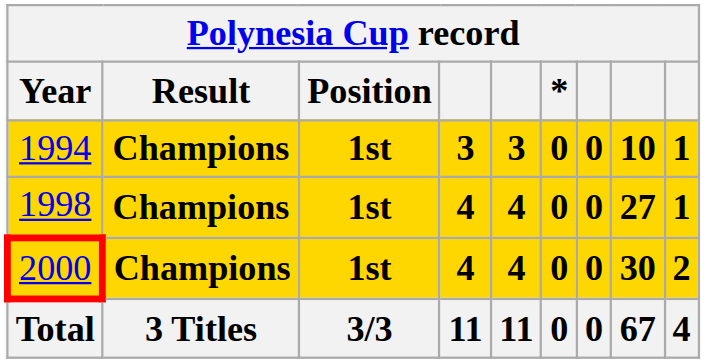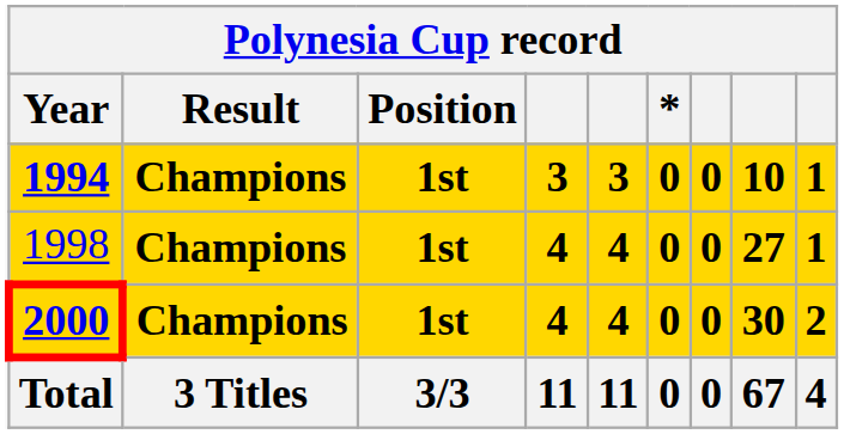 <table class="wikitable" style="text-align: center;">
 <tr>
 <th colspan=10><a href='#'>Polynesia Cup</a> record</th>
 </tr>
 <tr>
 <th>Year</th>
 <th>Result</th>
 <th>Position</th>
 <th></th>
 <th></th>
 <th>*</th>
 <th></th>
 <th></th>
 <th></th>
 </tr>
 <tr bgcolor=gold>
-<td> <a href='#'>1994</a></td>
+<td><strong> <a href='#'>1994</a></strong></td>
 <td><strong>Champions</strong></td>
 <td><strong>1st</strong></td>
 <td><strong>3</strong></td>
 <td><strong>3</strong></td>
 <td><strong>0</strong></td>
 <td><strong>0</strong></td>
 <td><strong>10</strong></td>
 <td><strong>1</strong></td>
 </tr>
 <tr bgcolor=gold>
 <td> <a href='#'>1998</a></td>
 <td><strong>Champions</strong></td>
 <td><strong>1st</strong></td>
 <td><strong>4</strong></td>
 <td><strong>4</strong></td>
 <td><strong>0</strong></td>
 <td><strong>0</strong></td>
 <td><strong>27</strong></td>
 <td><strong>1</strong></td>
 </tr>
 <tr bgcolor=gold>
-<td style="border: 3px solid red"> <a href='#'>2000</a></td>
+<td style="border: 3px solid red"><strong> <a href='#'>2000</a></strong></td>
 <td><strong>Champions</strong></td>
 <td><strong>1st</strong></td>
 <td><strong>4</strong></td>
 <td><strong>4</strong></td>
 <td><strong>0</strong></td>
 <td><strong>0</strong></td>
 <td><strong>30</strong></td>
 <td><strong>2</strong></td>
 </tr>
 <tr>
 <th>Total</th>
 <th>3 Titles</th>
 <th>3/3</th>
 <th>11</th>
 <th>11</th>
 <th>0</th>
 <th>0</th>
 <th>67</th>
 <th>4</th>
 </tr>
 </table>
